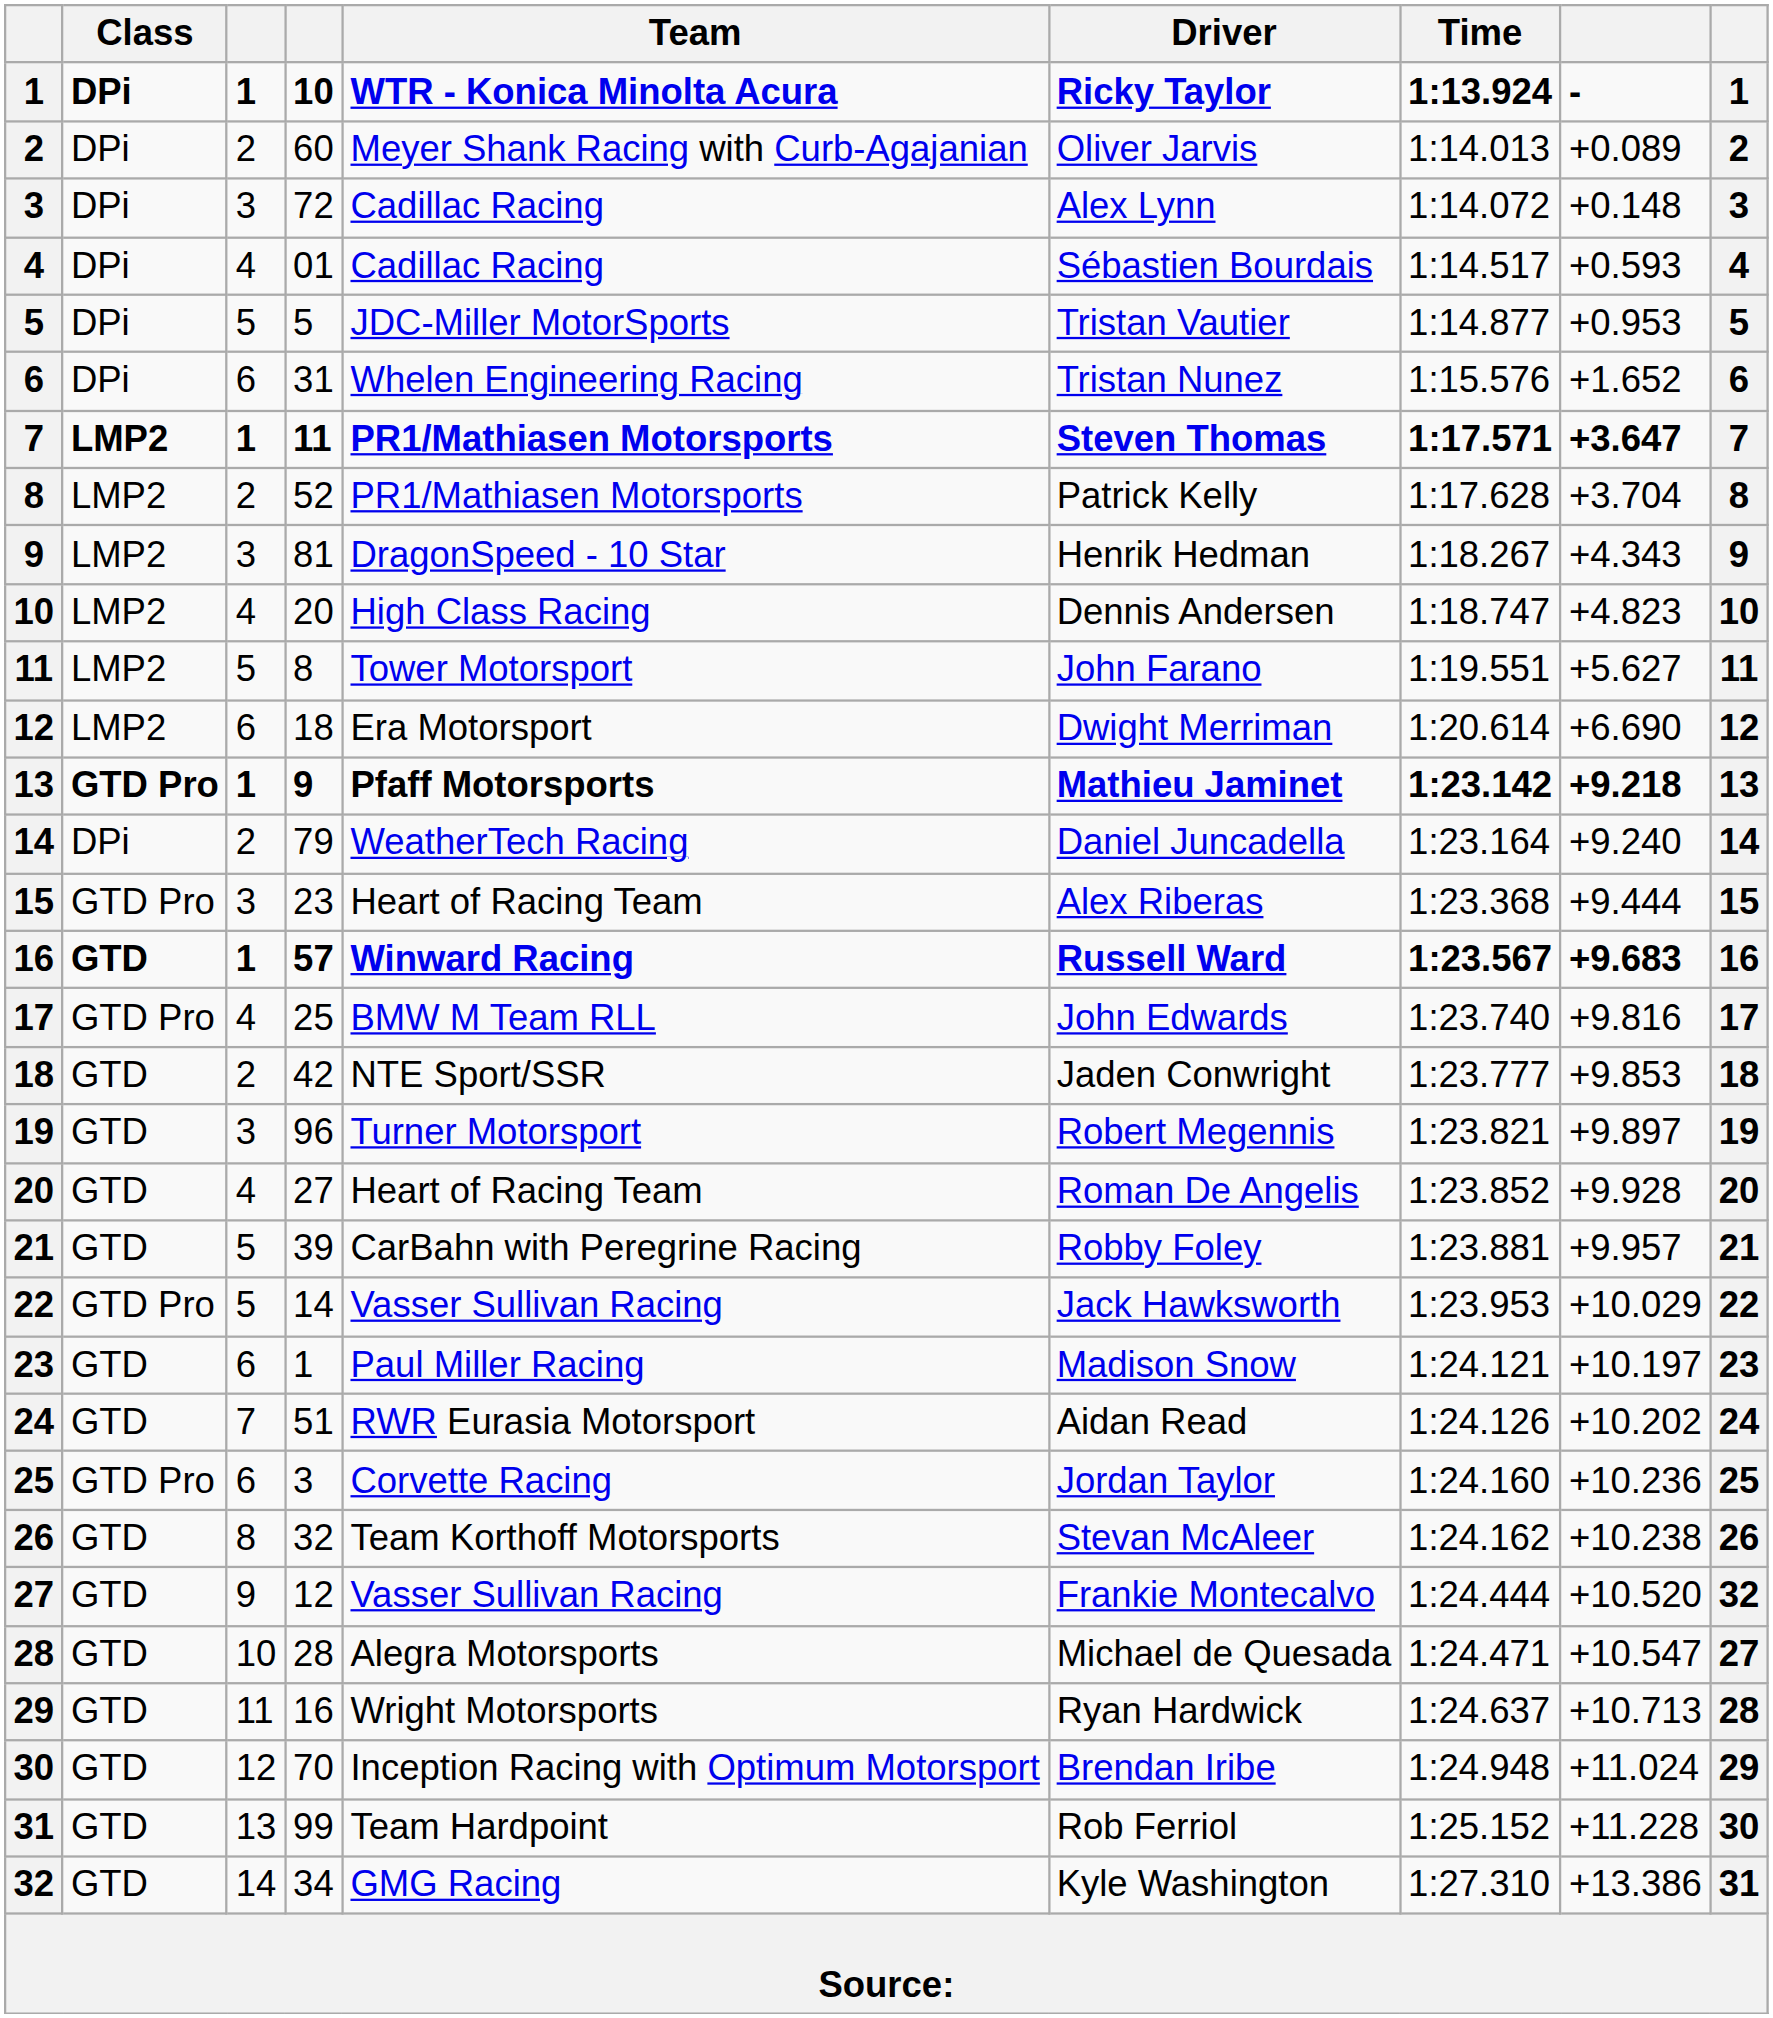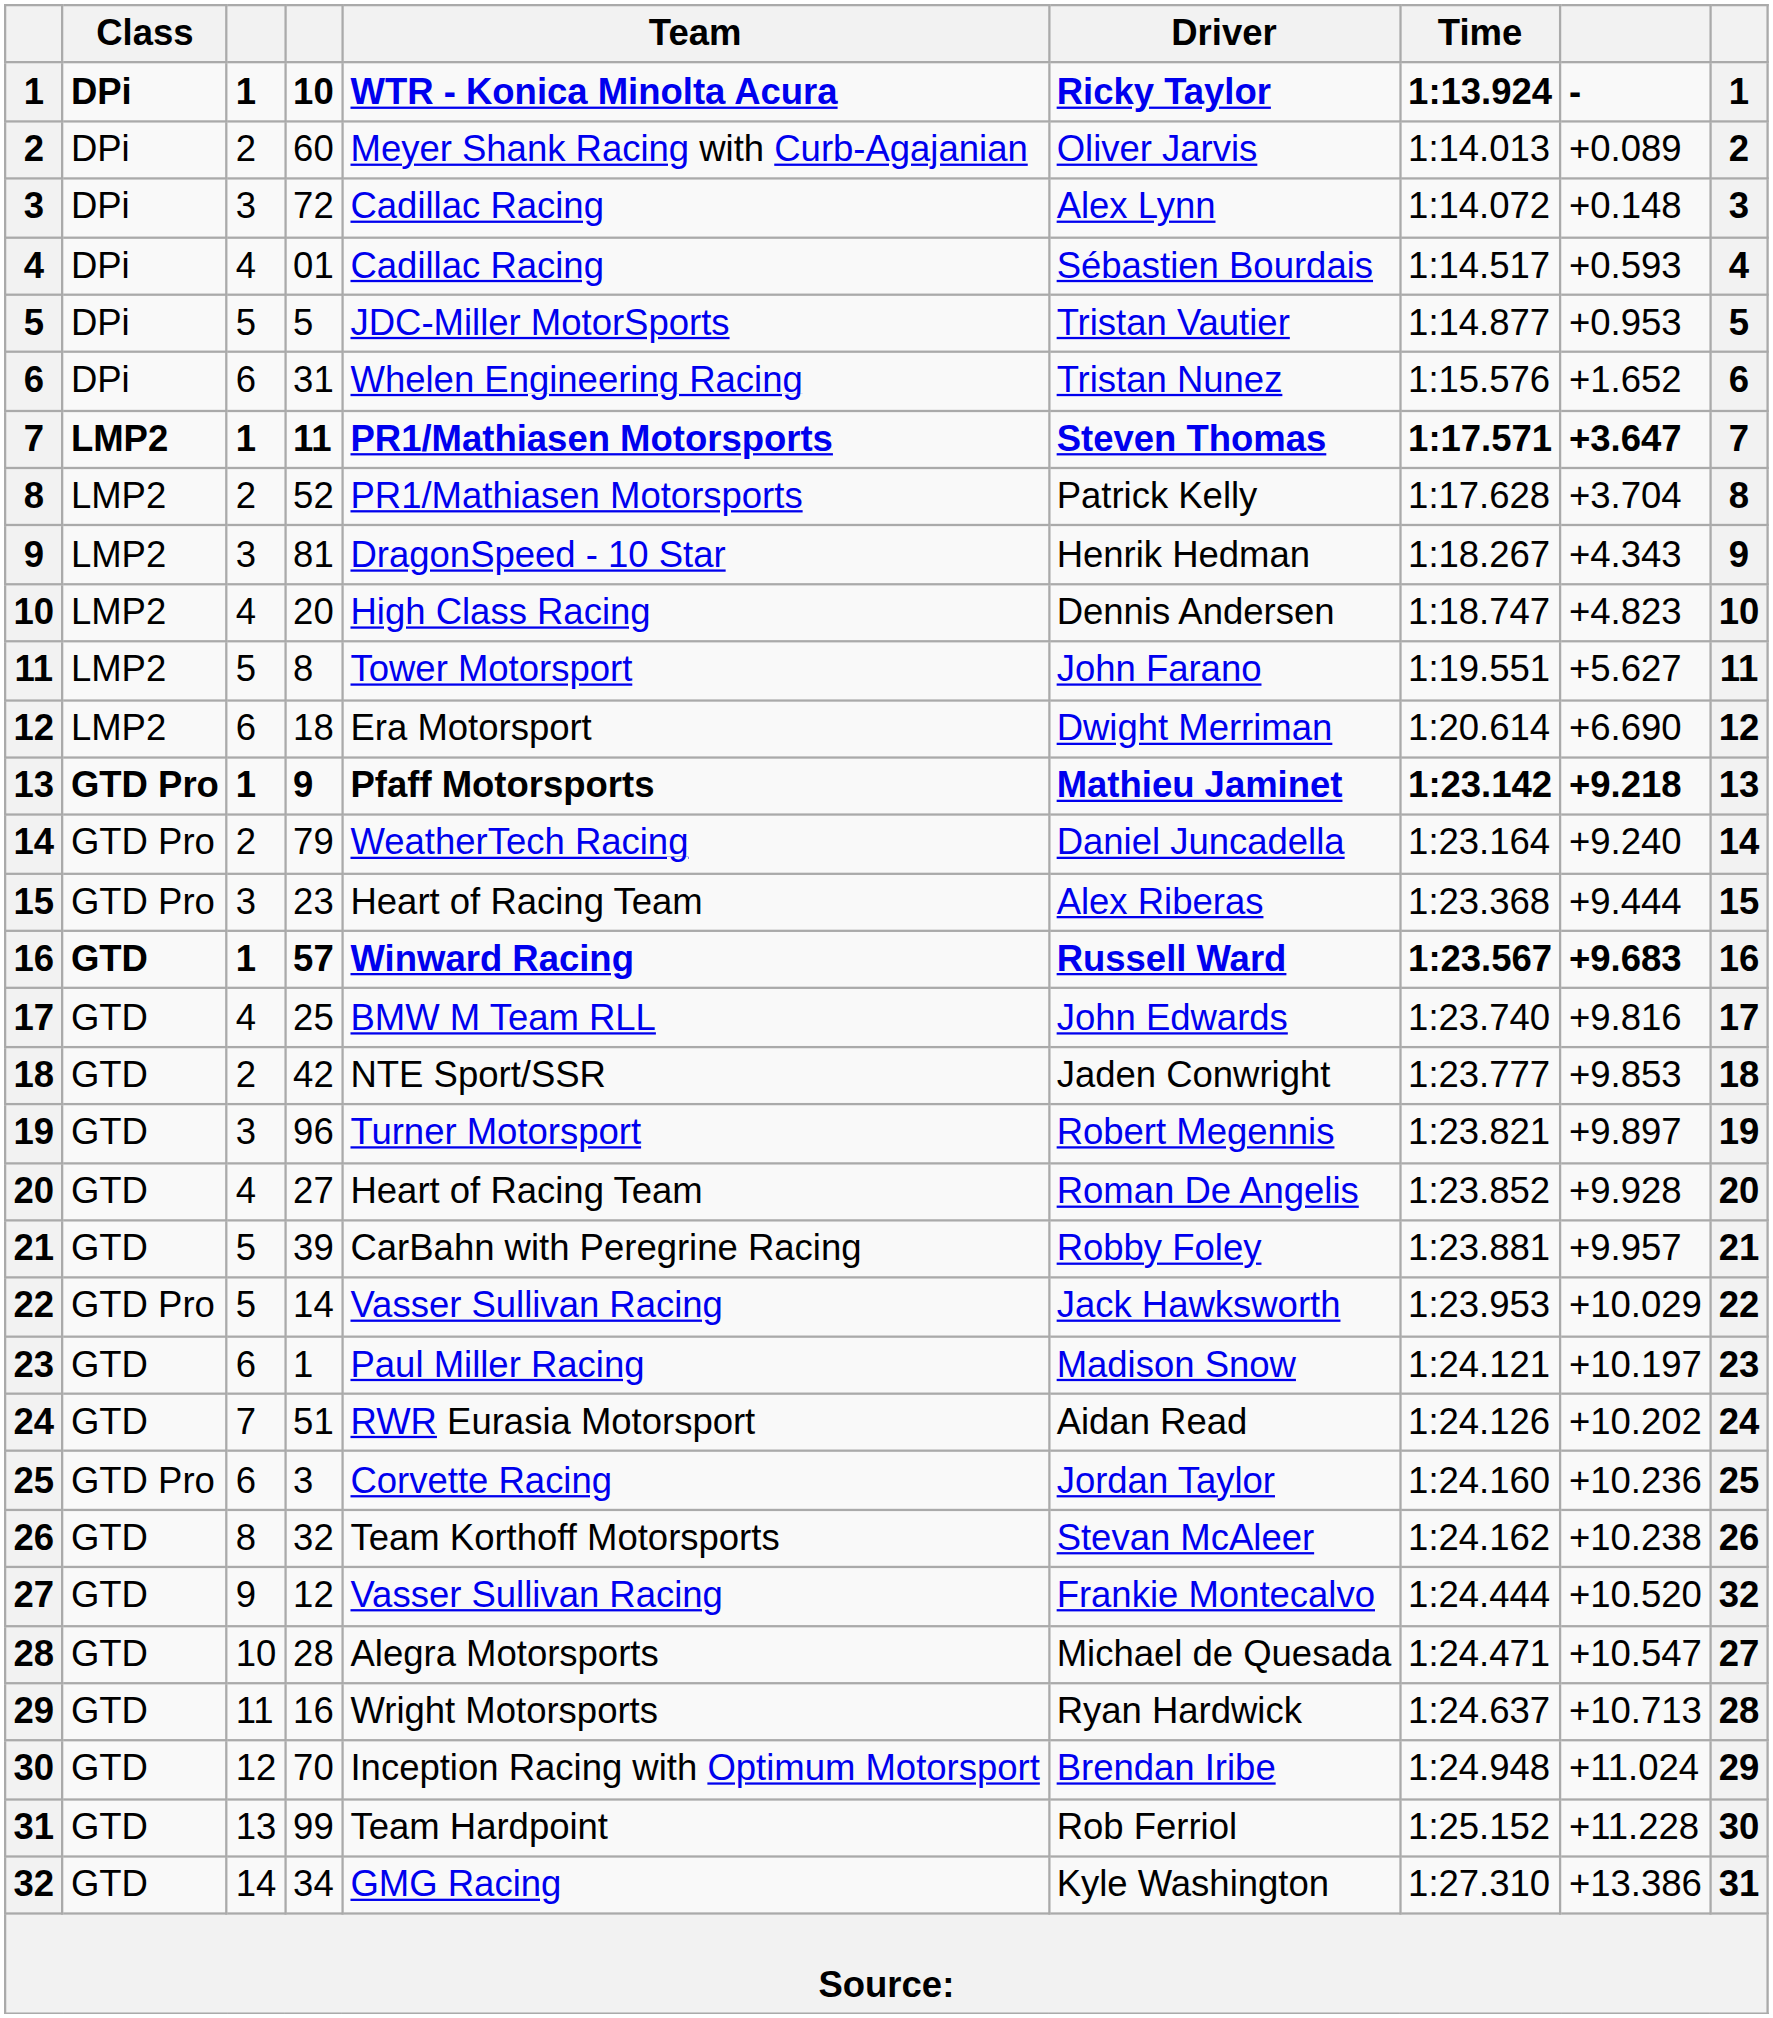 <table class="wikitable">
 <tr>
 <th scope="col"></th>
 <th scope="col">Class</th>
 <th scope="col"></th>
 <th scope="col"></th>
 <th scope="col">Team</th>
 <th scope="col">Driver</th>
 <th scope="col">Time</th>
 <th scope="col"></th>
 <th scope="col"></th>
 </tr>
 <tr style="font-weight:bold">
 <th scope="row">1</th>
 <td>DPi</td>
 <td>1</td>
 <td>10</td>
 <td> <a href='#'>WTR - Konica Minolta Acura</a></td>
 <td><strong> <a href='#'>Ricky Taylor</a></strong></td>
 <td>1:13.924</td>
 <td><strong>-</strong></td>
 <th>1</th>
 </tr>
 <tr>
 <th scope="row">2</th>
 <td>DPi</td>
 <td>2</td>
 <td>60</td>
 <td> <a href='#'>Meyer Shank Racing</a> with <a href='#'>Curb-Agajanian</a></td>
 <td> <a href='#'>Oliver Jarvis</a></td>
 <td>1:14.013</td>
 <td>+0.089</td>
 <th>2</th>
 </tr>
 <tr>
 <th scope="row">3</th>
 <td>DPi</td>
 <td>3</td>
 <td>72</td>
 <td> <a href='#'>Cadillac Racing</a></td>
 <td> <a href='#'>Alex Lynn</a></td>
 <td>1:14.072</td>
 <td>+0.148</td>
 <th>3</th>
 </tr>
 <tr>
 <th scope="row">4</th>
 <td>DPi</td>
 <td>4</td>
 <td>01</td>
 <td> <a href='#'>Cadillac Racing</a></td>
 <td> <a href='#'>Sébastien Bourdais</a></td>
 <td>1:14.517</td>
 <td>+0.593</td>
 <th>4</th>
 </tr>
 <tr>
 <th scope="row">5</th>
 <td>DPi</td>
 <td>5</td>
 <td>5</td>
 <td> <a href='#'>JDC-Miller MotorSports</a></td>
 <td> <a href='#'>Tristan Vautier</a></td>
 <td>1:14.877</td>
 <td>+0.953</td>
 <th>5</th>
 </tr>
 <tr>
 <th scope="row">6</th>
 <td>DPi</td>
 <td>6</td>
 <td>31</td>
 <td> <a href='#'>Whelen Engineering Racing</a></td>
 <td> <a href='#'>Tristan Nunez</a></td>
 <td>1:15.576</td>
 <td>+1.652</td>
 <th>6</th>
 </tr>
 <tr style="font-weight:bold">
 <th scope="row">7</th>
 <td>LMP2</td>
 <td>1</td>
 <td>11</td>
 <td> <a href='#'>PR1/Mathiasen Motorsports</a></td>
 <td> <a href='#'>Steven Thomas</a></td>
 <td>1:17.571</td>
 <td>+3.647</td>
 <th>7</th>
 </tr>
 <tr>
 <th scope="row">8</th>
 <td>LMP2</td>
 <td>2</td>
 <td>52</td>
 <td> <a href='#'>PR1/Mathiasen Motorsports</a></td>
 <td> Patrick Kelly</td>
 <td>1:17.628</td>
 <td>+3.704</td>
 <th>8</th>
 </tr>
 <tr>
 <th scope="row">9</th>
 <td>LMP2</td>
 <td>3</td>
 <td>81</td>
 <td> <a href='#'>DragonSpeed - 10 Star</a></td>
 <td> Henrik Hedman</td>
 <td>1:18.267</td>
 <td>+4.343</td>
 <th>9</th>
 </tr>
 <tr>
 <th scope="row">10</th>
 <td>LMP2</td>
 <td>4</td>
 <td>20</td>
 <td> <a href='#'>High Class Racing</a></td>
 <td> Dennis Andersen</td>
 <td>1:18.747</td>
 <td>+4.823</td>
 <th>10</th>
 </tr>
 <tr>
 <th scope="row">11</th>
 <td>LMP2</td>
 <td>5</td>
 <td>8</td>
 <td> <a href='#'>Tower Motorsport</a></td>
 <td> <a href='#'>John Farano</a></td>
 <td>1:19.551</td>
 <td>+5.627</td>
 <th>11</th>
 </tr>
 <tr>
 <th scope="row">12</th>
 <td>LMP2</td>
 <td>6</td>
 <td>18</td>
 <td> Era Motorsport</td>
 <td> <a href='#'>Dwight Merriman</a></td>
 <td>1:20.614</td>
 <td>+6.690</td>
 <th>12</th>
 </tr>
 <tr style="font-weight:bold">
 <th scope="row">13</th>
 <td>GTD Pro</td>
 <td>1</td>
 <td>9</td>
 <td> Pfaff Motorsports</td>
 <td> <a href='#'>Mathieu Jaminet</a></td>
 <td>1:23.142</td>
 <td>+9.218</td>
 <th><strong>13</strong></th>
 </tr>
 <tr>
 <th scope="row">14</th>
-<td>DPi</td>
+<td>GTD Pro</td>
 <td>2</td>
 <td>79</td>
 <td> <a href='#'>WeatherTech Racing</a></td>
 <td> <a href='#'>Daniel Juncadella</a></td>
 <td>1:23.164</td>
 <td>+9.240</td>
 <th>14</th>
 </tr>
 <tr>
 <th scope="row">15</th>
 <td>GTD Pro</td>
 <td>3</td>
 <td>23</td>
 <td> Heart of Racing Team</td>
 <td> <a href='#'>Alex Riberas</a></td>
 <td>1:23.368</td>
 <td>+9.444</td>
 <th>15</th>
 </tr>
 <tr style="font-weight:bold">
 <th scope="row">16</th>
 <td>GTD</td>
 <td>1</td>
 <td>57</td>
 <td> <a href='#'>Winward Racing</a></td>
 <td> <a href='#'>Russell Ward</a></td>
 <td>1:23.567</td>
 <td>+9.683</td>
 <th><strong>16</strong></th>
 </tr>
 <tr>
 <th scope="row">17</th>
-<td>GTD Pro</td>
+<td>GTD</td>
 <td>4</td>
 <td>25</td>
 <td> <a href='#'>BMW M Team RLL</a></td>
 <td> <a href='#'>John Edwards</a></td>
 <td>1:23.740</td>
 <td>+9.816</td>
 <th>17</th>
 </tr>
 <tr>
 <th scope="row">18</th>
 <td>GTD</td>
 <td>2</td>
 <td>42</td>
 <td> NTE Sport/SSR</td>
 <td> Jaden Conwright</td>
 <td>1:23.777</td>
 <td>+9.853</td>
 <th>18</th>
 </tr>
 <tr>
 <th scope="row">19</th>
 <td>GTD</td>
 <td>3</td>
 <td>96</td>
 <td> <a href='#'>Turner Motorsport</a></td>
 <td> <a href='#'>Robert Megennis</a></td>
 <td>1:23.821</td>
 <td>+9.897</td>
 <th>19</th>
 </tr>
 <tr>
 <th scope="row">20</th>
 <td>GTD</td>
 <td>4</td>
 <td>27</td>
 <td> Heart of Racing Team</td>
 <td> <a href='#'>Roman De Angelis</a></td>
 <td>1:23.852</td>
 <td>+9.928</td>
 <th>20</th>
 </tr>
 <tr>
 <th scope="row">21</th>
 <td>GTD</td>
 <td>5</td>
 <td>39</td>
 <td> CarBahn with Peregrine Racing</td>
 <td> <a href='#'>Robby Foley</a></td>
 <td>1:23.881</td>
 <td>+9.957</td>
 <th>21</th>
 </tr>
 <tr>
 <th scope="row">22</th>
 <td>GTD Pro</td>
 <td>5</td>
 <td>14</td>
 <td> <a href='#'>Vasser Sullivan Racing</a></td>
 <td> <a href='#'>Jack Hawksworth</a></td>
 <td>1:23.953</td>
 <td>+10.029</td>
 <th>22</th>
 </tr>
 <tr>
 <th scope="row">23</th>
 <td>GTD</td>
 <td>6</td>
 <td>1</td>
 <td> <a href='#'>Paul Miller Racing</a></td>
 <td> <a href='#'>Madison Snow</a></td>
 <td>1:24.121</td>
 <td>+10.197</td>
 <th>23</th>
 </tr>
 <tr>
 <th scope="row">24</th>
 <td>GTD</td>
 <td>7</td>
 <td>51</td>
 <td> <a href='#'>RWR</a> Eurasia Motorsport</td>
 <td> Aidan Read</td>
 <td>1:24.126</td>
 <td>+10.202</td>
 <th>24</th>
 </tr>
 <tr>
 <th scope="row">25</th>
 <td>GTD Pro</td>
 <td>6</td>
 <td>3</td>
 <td> <a href='#'>Corvette Racing</a></td>
 <td> <a href='#'>Jordan Taylor</a></td>
 <td>1:24.160</td>
 <td>+10.236</td>
 <th>25</th>
 </tr>
 <tr>
 <th scope="row">26</th>
 <td>GTD</td>
 <td>8</td>
 <td>32</td>
 <td> Team Korthoff Motorsports</td>
 <td> <a href='#'>Stevan McAleer</a></td>
 <td>1:24.162</td>
 <td>+10.238</td>
 <th>26</th>
 </tr>
 <tr>
 <th scope="row">27</th>
 <td>GTD</td>
 <td>9</td>
 <td>12</td>
 <td> <a href='#'>Vasser Sullivan Racing</a></td>
 <td> <a href='#'>Frankie Montecalvo</a></td>
 <td>1:24.444</td>
 <td>+10.520</td>
 <th>32</th>
 </tr>
 <tr>
 <th scope="row">28</th>
 <td>GTD</td>
 <td>10</td>
 <td>28</td>
 <td> Alegra Motorsports</td>
 <td> Michael de Quesada</td>
 <td>1:24.471</td>
 <td>+10.547</td>
 <th>27</th>
 </tr>
 <tr>
 <th scope="row">29</th>
 <td>GTD</td>
 <td>11</td>
 <td>16</td>
 <td> Wright Motorsports</td>
 <td> Ryan Hardwick</td>
 <td>1:24.637</td>
 <td>+10.713</td>
 <th>28</th>
 </tr>
 <tr>
 <th scope="row">30</th>
 <td>GTD</td>
 <td>12</td>
 <td>70</td>
 <td> Inception Racing with <a href='#'>Optimum Motorsport</a></td>
 <td> <a href='#'>Brendan Iribe</a></td>
 <td>1:24.948</td>
 <td>+11.024</td>
 <th>29</th>
 </tr>
 <tr>
 <th scope="row">31</th>
 <td>GTD</td>
 <td>13</td>
 <td>99</td>
 <td> Team Hardpoint</td>
 <td> Rob Ferriol</td>
 <td>1:25.152</td>
 <td>+11.228</td>
 <th>30</th>
 </tr>
 <tr>
 <th scope="row">32</th>
 <td>GTD</td>
 <td>14</td>
 <td>34</td>
 <td> <a href='#'>GMG Racing</a></td>
 <td> Kyle Washington</td>
 <td>1:27.310</td>
 <td>+13.386</td>
 <th>31</th>
 </tr>
 <tr>
 <th colspan=9><br>Source:</th>
 </tr>
 <tr>
 </tr>
 </table>
